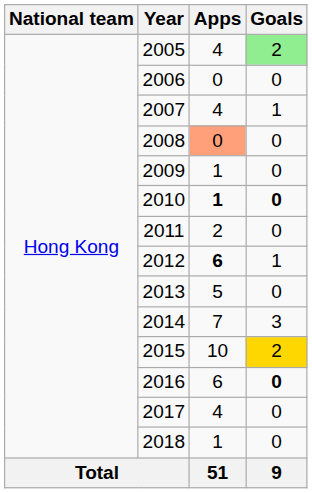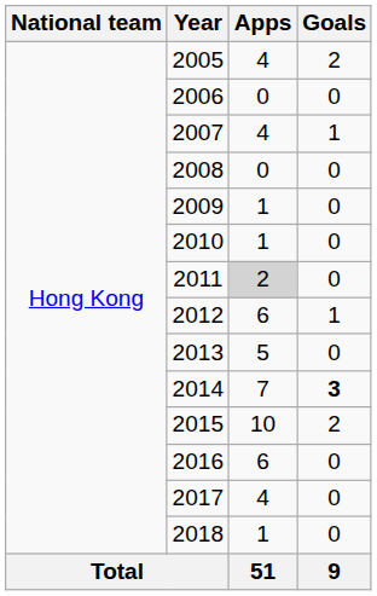 <table class="wikitable" style="text-align:center">
 <tr>
 <th>National team</th>
 <th>Year</th>
 <th>Apps</th>
 <th>Goals</th>
 </tr>
 <tr>
 <td rowspan="14"><a href='#'>Hong Kong</a></td>
 <td>2005</td>
 <td>4</td>
-<td style="background: lightgreen;">2</td>
+<td>2</td>
 </tr>
 <tr>
 <td>2006</td>
 <td>0</td>
 <td>0</td>
 </tr>
 <tr>
 <td>2007</td>
 <td>4</td>
 <td>1</td>
 </tr>
 <tr>
 <td>2008</td>
-<td style="background: lightsalmon;">0</td>
+<td>0</td>
 <td>0</td>
 </tr>
 <tr>
 <td>2009</td>
 <td>1</td>
 <td>0</td>
 </tr>
 <tr>
 <td>2010</td>
-<td><strong>1</strong></td>
-<td><strong>0</strong></td>
+<td>1</td>
+<td>0</td>
 </tr>
 <tr>
 <td>2011</td>
-<td>2</td>
+<td style="background: lightgrey;">2</td>
 <td>0</td>
 </tr>
 <tr>
 <td>2012</td>
-<td><strong>6</strong></td>
+<td>6</td>
 <td>1</td>
 </tr>
 <tr>
 <td>2013</td>
 <td>5</td>
 <td>0</td>
 </tr>
 <tr>
 <td>2014</td>
 <td>7</td>
-<td>3</td>
+<td><strong>3</strong></td>
 </tr>
 <tr>
 <td>2015</td>
 <td>10</td>
-<td style="background: gold;">2</td>
+<td>2</td>
 </tr>
 <tr>
 <td>2016</td>
 <td>6</td>
-<td><strong>0</strong></td>
+<td>0</td>
 </tr>
 <tr>
 <td>2017</td>
 <td>4</td>
 <td>0</td>
 </tr>
 <tr>
 <td>2018</td>
 <td>1</td>
 <td>0</td>
 </tr>
 <tr>
 <th colspan=2>Total</th>
 <th>51</th>
 <th>9</th>
 </tr>
 </table>
